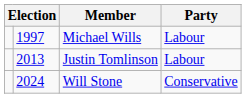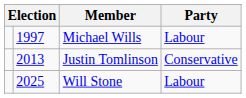 <table class="wikitable">
 <tr>
 <th colspan="2">Election</th>
 <th>Member</th>
 <th>Party</th>
 </tr>
 <tr>
 <td style="color:inherit;background-color: "></td>
 <td><a href='#'>1997</a></td>
 <td><a href='#'>Michael Wills</a></td>
 <td><a href='#'>Labour</a></td>
 </tr>
 <tr>
 <td style="color:inherit;background-color: "></td>
 <td><a href='#'>2013</a></td>
 <td><a href='#'>Justin Tomlinson</a></td>
-<td><a href='#'>Labour</a></td>
+<td><a href='#'>Conservative</a></td>
 </tr>
 <tr>
 <td style="color:inherit;background-color: "></td>
-<td><a href='#'>2024</a></td>
+<td><a href='#'>2025</a></td>
 <td><a href='#'>Will Stone</a></td>
-<td><a href='#'>Conservative</a></td>
+<td><a href='#'>Labour</a></td>
 </tr>
 </table>
